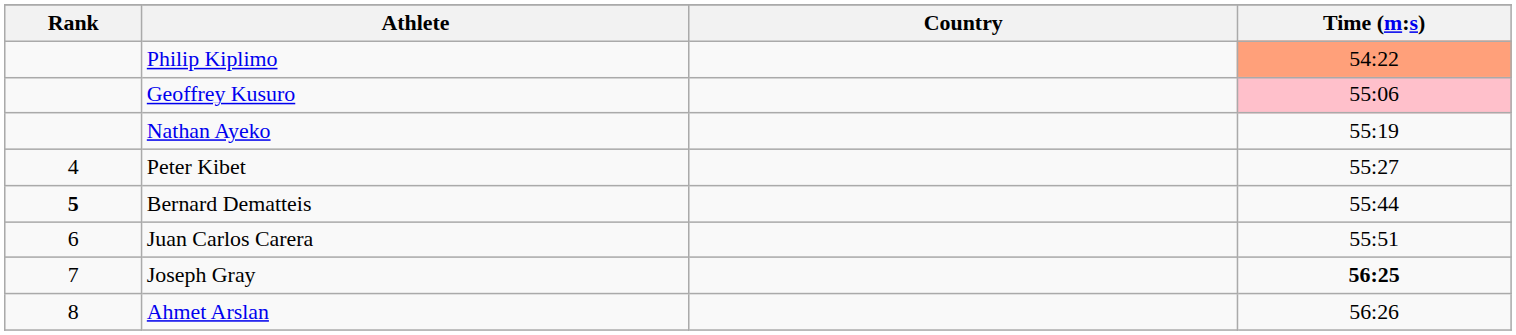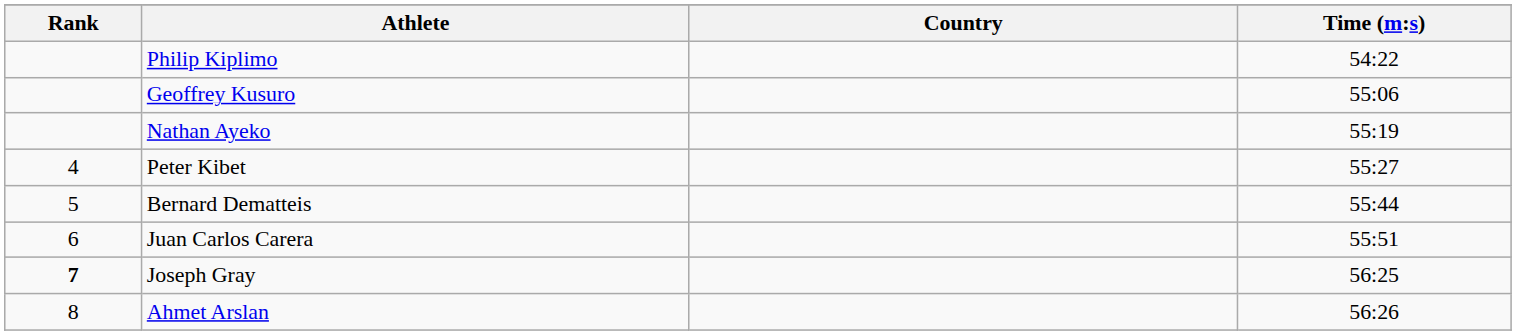 <table class="wikitable" width=50% style="font-size:90%; text-align:center;">
 <tr>
 </tr>
 <tr>
 <th width=5%>Rank</th>
 <th width=20%>Athlete</th>
 <th width=20%>Country</th>
 <th width=10%>Time (<a href='#'>m</a>:<a href='#'>s</a>)</th>
 </tr>
 <tr align="center">
 <td></td>
 <td align="left"><a href='#'>Philip Kiplimo</a></td>
 <td align="left"></td>
-<td style="background: lightsalmon;">54:22</td>
+<td>54:22</td>
 </tr>
 <tr align="center">
 <td></td>
 <td align="left"><a href='#'>Geoffrey Kusuro</a></td>
 <td align="left"></td>
-<td style="background: pink;">55:06</td>
+<td>55:06</td>
 </tr>
 <tr align="center">
 <td></td>
 <td align="left"><a href='#'>Nathan Ayeko</a></td>
 <td align="left"></td>
 <td>55:19</td>
 </tr>
 <tr align="center">
 <td>4</td>
 <td align="left">Peter Kibet</td>
 <td align="left"></td>
 <td>55:27</td>
 </tr>
 <tr align="center">
-<td><strong>5</strong></td>
+<td>5</td>
 <td align="left">Bernard Dematteis</td>
 <td align="left"></td>
 <td>55:44</td>
 </tr>
 <tr align="center">
 <td>6</td>
 <td align="left">Juan Carlos Carera</td>
 <td align="left"></td>
 <td>55:51</td>
 </tr>
 <tr align="center">
-<td>7</td>
+<td><strong>7</strong></td>
 <td align="left">Joseph Gray</td>
 <td align="left"></td>
-<td><strong>56:25</strong></td>
+<td>56:25</td>
 </tr>
 <tr align="center">
 <td>8</td>
 <td align="left"><a href='#'>Ahmet Arslan</a></td>
 <td align="left"></td>
 <td>56:26</td>
 </tr>
 </table>
